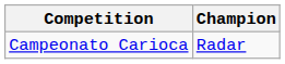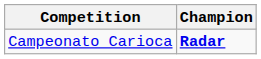 <table class="wikitable">
 <tr>
 <th>Competition</th>
 <th>Champion</th>
 </tr>
 <tr>
 <td><a href='#'>Campeonato Carioca</a></td>
-<td><a href='#'>Radar</a></td>
+<td><strong><a href='#'>Radar</a></strong></td>
 </tr>
 </table>
